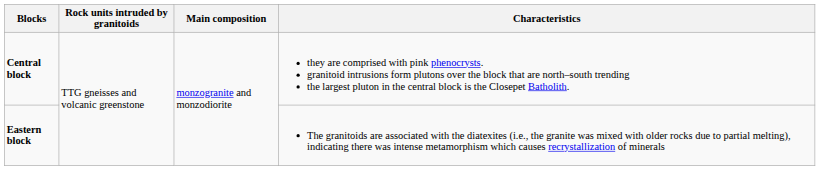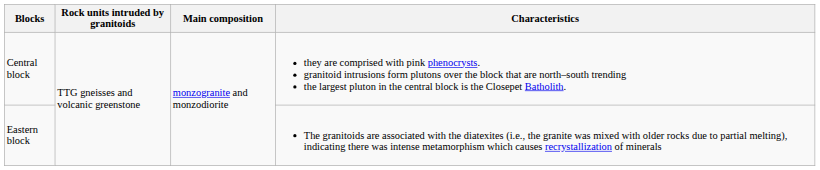 <table class="wikitable">
 <tr>
 <th>Blocks</th>
 <th>Rock units intruded by granitoids</th>
 <th>Main composition</th>
 <th>Characteristics</th>
 </tr>
 <tr>
-<td><strong>Central block</strong></td>
+<td>Central block</td>
 <td rowspan="2">TTG gneisses and volcanic greenstone</td>
 <td rowspan="2"><a href='#'>monzogranite</a> and monzodiorite</td>
 <td><br><ul><li>they are comprised with pink <a href='#'>phenocrysts</a>.</li><li>granitoid intrusions form plutons over the block that are north–south trending</li><li>the largest pluton in the central block is the Closepet <a href='#'>Batholith</a>.</li></ul></td>
 </tr>
 <tr>
-<td><strong>Eastern block</strong></td>
+<td>Eastern block</td>
 <td><br><ul><li>The granitoids are associated with the diatexites (i.e., the granite was mixed with older rocks due to partial melting), indicating there was intense metamorphism which causes <a href='#'>recrystallization</a> of minerals</li></ul></td>
 </tr>
 </table>
